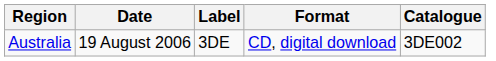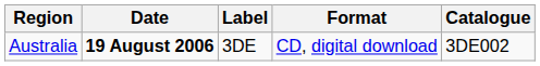 <table class="wikitable">
 <tr>
 <th>Region</th>
 <th>Date</th>
 <th>Label</th>
 <th>Format</th>
 <th>Catalogue</th>
 </tr>
 <tr>
 <td rowspan="2"><a href='#'>Australia</a></td>
-<td>19 August 2006</td>
+<td><strong>19 August 2006</strong></td>
 <td>3DE</td>
 <td><a href='#'>CD</a>, <a href='#'>digital download</a></td>
 <td>3DE002</td>
 </tr>
 </table>
